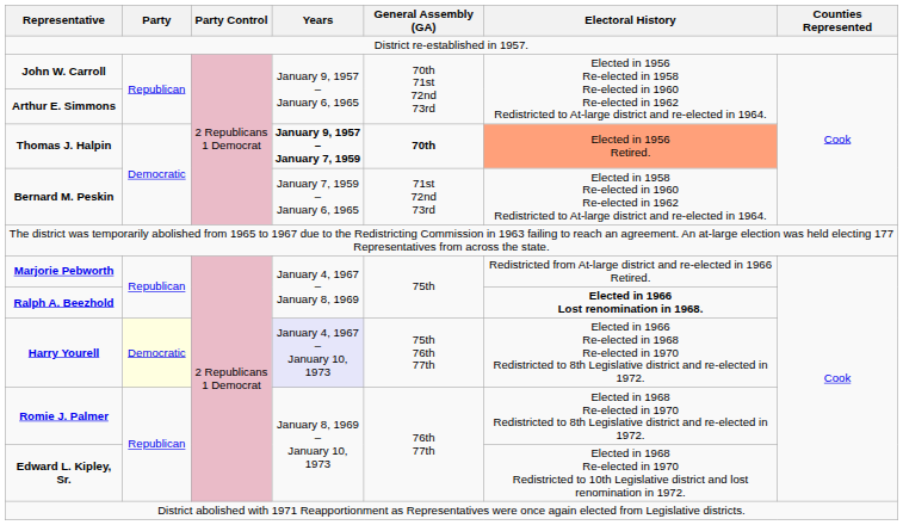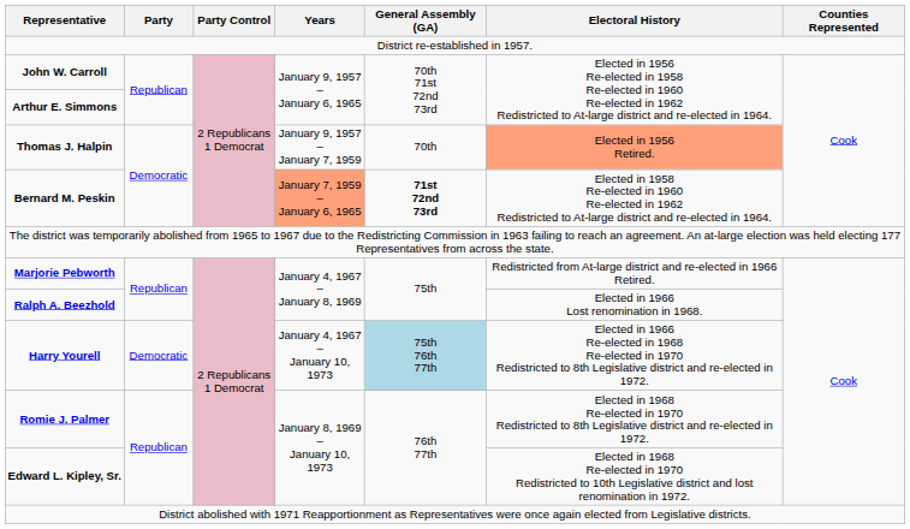 <table class="wikitable" style="text-align:center">
 <tr>
 <th>Representative</th>
 <th>Party</th>
 <th>Party Control</th>
 <th>Years</th>
 <th>General Assembly (GA)</th>
 <th>Electoral History</th>
 <th>Counties Represented</th>
 </tr>
 <tr>
 <td colspan=7>District re-established in 1957.</td>
 </tr>
 <tr>
 <td><strong>John W. Carroll</strong></td>
 <td rowspan=2 ><a href='#'>Republican</a></td>
 <td rowspan=4 /bgcolor=#eabbc8>2 Republicans<br>1 Democrat</td>
 <td rowspan=2>January 9, 1957 –<br>January 6, 1965</td>
 <td rowspan=2>70th<br>71st<br>72nd<br>73rd</td>
 <td rowspan=2>Elected in 1956<br>Re-elected in 1958<br>Re-elected in 1960<br>Re-elected in 1962<br>Redistricted to At-large district and re-elected in 1964.</td>
 <td rowspan=4><a href='#'>Cook</a></td>
 </tr>
 <tr>
 <td><strong>Arthur E. Simmons</strong></td>
 </tr>
 <tr>
 <td><strong>Thomas J. Halpin</strong></td>
 <td rowspan=2 ><a href='#'>Democratic</a></td>
-<td><strong>January 9, 1957 –<br>January 7, 1959</strong></td>
-<td><strong>70th</strong></td>
+<td>January 9, 1957 –<br>January 7, 1959</td>
+<td>70th</td>
 <td style="background: lightsalmon;">Elected in 1956<br>Retired.</td>
 </tr>
 <tr>
 <td><strong>Bernard M. Peskin</strong></td>
-<td>January 7, 1959 –<br>January 6, 1965</td>
-<td>71st<br>72nd<br>73rd</td>
+<td style="background: lightsalmon;">January 7, 1959 –<br>January 6, 1965</td>
+<td><strong>71st<br>72nd<br>73rd</strong></td>
 <td>Elected in 1958<br>Re-elected in 1960<br>Re-elected in 1962<br>Redistricted to At-large district and re-elected in 1964.</td>
 </tr>
 <tr>
 <td colspan=7>The district was temporarily abolished from 1965 to 1967 due to the Redistricting Commission in 1963 failing to reach an agreement. An at-large election was held electing 177 Representatives from across the state.</td>
 </tr>
 <tr>
 <td><strong><a href='#'>Marjorie Pebworth</a></strong></td>
 <td rowspan=2 ><a href='#'>Republican</a></td>
 <td rowspan=5 /bgcolor=#eabbc8>2 Republicans<br>1 Democrat</td>
 <td rowspan=2>January 4, 1967 –<br>January 8, 1969</td>
 <td rowspan=2>75th</td>
 <td>Redistricted from At-large district and re-elected in 1966<br>Retired.</td>
 <td rowspan=5><a href='#'>Cook</a></td>
 </tr>
 <tr>
 <td><strong><a href='#'>Ralph A. Beezhold</a></strong></td>
-<td><strong>Elected in 1966<br>Lost renomination in 1968.</strong></td>
+<td>Elected in 1966<br>Lost renomination in 1968.</td>
 </tr>
 <tr>
 <td><strong><a href='#'>Harry Yourell</a></strong></td>
-<td style="background: lightyellow;"><a href='#'>Democratic</a></td>
-<td style="background: lavender;">January 4, 1967 –<br>January 10, 1973</td>
-<td>75th<br>76th<br>77th</td>
+<td><a href='#'>Democratic</a></td>
+<td>January 4, 1967 –<br>January 10, 1973</td>
+<td style="background: lightblue;">75th<br>76th<br>77th</td>
 <td>Elected in 1966<br>Re-elected in 1968<br>Re-elected in 1970<br>Redistricted to 8th Legislative district and re-elected in 1972.</td>
 </tr>
 <tr>
 <td><strong><a href='#'>Romie J. Palmer</a></strong></td>
 <td rowspan=2 ><a href='#'>Republican</a></td>
 <td rowspan=2>January 8, 1969 –<br>January 10, 1973</td>
 <td rowspan=2>76th<br>77th</td>
 <td>Elected in 1968<br>Re-elected in 1970<br>Redistricted to 8th Legislative district and re-elected in 1972.</td>
 </tr>
 <tr>
 <td><strong>Edward L. Kipley, Sr.</strong></td>
 <td>Elected in 1968<br>Re-elected in 1970<br>Redistricted to 10th Legislative district and lost renomination in 1972.</td>
 </tr>
 <tr>
 <td colspan=7>District abolished with 1971 Reapportionment as Representatives were once again elected from Legislative districts.</td>
 </tr>
 </table>
